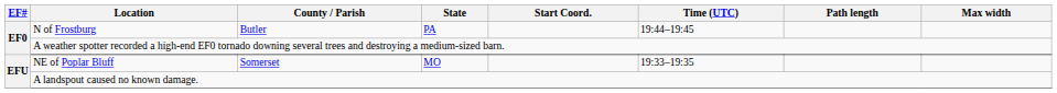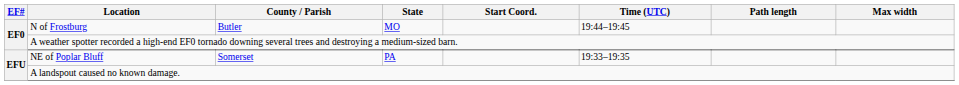 <table class="wikitable sortable" style="width:100%;">
 <tr>
 <th scope="col" width="2%" align="center"><a href='#'>EF#</a></th>
 <th scope="col" align="center" class="unsortable">Location</th>
 <th scope="col" align="center" class="unsortable">County / Parish</th>
 <th scope="col" align="center">State</th>
 <th scope="col" align="center">Start Coord.</th>
 <th scope="col" align="center">Time (<a href='#'>UTC</a>)</th>
 <th scope="col" align="center">Path length</th>
 <th scope="col" align="center">Max width</th>
 </tr>
 <tr>
 <th scope="row" rowspan="2" style="background-color:#">EF0</th>
 <td>N of <a href='#'>Frostburg</a></td>
 <td><a href='#'>Butler</a></td>
-<td><a href='#'>PA</a></td>
+<td><a href='#'>MO</a></td>
 <td></td>
 <td>19:44–19:45</td>
 <td></td>
 <td></td>
 </tr>
 <tr class="expand-child">
 <td colspan="8" style=" border-bottom: 1px solid black;">A weather spotter recorded a high-end EF0 tornado downing several trees and destroying a medium-sized barn.</td>
 </tr>
 <tr>
 <th scope="row" rowspan="2" style="background-color:#">EFU</th>
 <td>NE of <a href='#'>Poplar Bluff</a></td>
 <td><a href='#'>Somerset</a></td>
-<td><a href='#'>MO</a></td>
+<td><a href='#'>PA</a></td>
 <td></td>
 <td>19:33–19:35</td>
 <td></td>
 <td></td>
 </tr>
 <tr class="expand-child">
 <td colspan="8" style=" border-bottom: 1px solid black;">A landspout caused no known damage.</td>
 </tr>
 <tr>
 </tr>
 </table>
